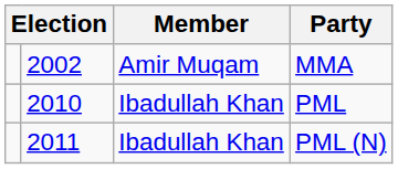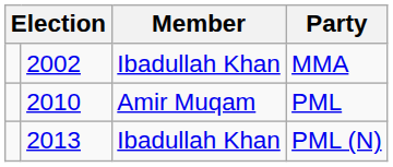 <table class="wikitable">
 <tr>
 <th colspan="2">Election</th>
 <th>Member</th>
 <th>Party</th>
 </tr>
 <tr>
 <td style="background-color: "></td>
 <td><a href='#'>2002</a></td>
-<td><a href='#'>Amir Muqam</a></td>
+<td><a href='#'>Ibadullah Khan</a></td>
 <td><a href='#'>MMA</a></td>
 </tr>
 <tr>
 <td style="background-color: "></td>
 <td><a href='#'>2010</a></td>
-<td><a href='#'>Ibadullah Khan</a></td>
+<td><a href='#'>Amir Muqam</a></td>
 <td><a href='#'>PML</a></td>
 </tr>
 <tr>
 <td style="background-color: "></td>
-<td><a href='#'>2011</a></td>
+<td><a href='#'>2013</a></td>
 <td><a href='#'>Ibadullah Khan</a></td>
 <td><a href='#'>PML (N)</a></td>
 </tr>
 </table>
